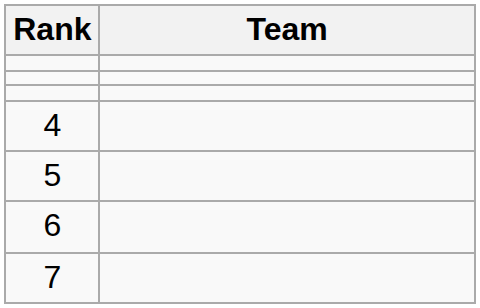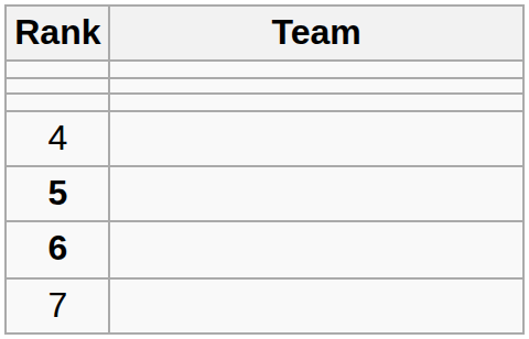 <table class="wikitable" style="text-align: center;">
 <tr>
 <th width=40>Rank</th>
 <th width=180>Team</th>
 </tr>
 <tr>
 <td></td>
 <td align="left"></td>
 </tr>
 <tr>
 <td></td>
 <td align="left"></td>
 </tr>
 <tr>
 <td></td>
 <td align="left"></td>
 </tr>
 <tr>
 <td>4</td>
 <td align="left"></td>
 </tr>
 <tr>
-<td>5</td>
+<td><strong>5</strong></td>
 <td align="left"></td>
 </tr>
 <tr>
-<td>6</td>
+<td><strong>6</strong></td>
 <td align="left"></td>
 </tr>
 <tr>
 <td>7</td>
 <td align="left"></td>
 </tr>
 </table>
